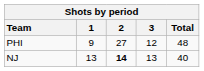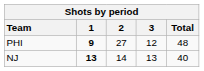 <table class="wikitable" style="width:20em; text-align:right;">
 <tr>
 <th colspan=6>Shots by period</th>
 </tr>
 <tr>
 <th style="width:8em; text-align:left;">Team</th>
 <th style="width:3em;">1</th>
 <th style="width:3em;">2</th>
 <th style="width:3em;">3</th>
 <th style="width:3em;">Total</th>
 </tr>
 <tr>
 <td style="text-align:left;">PHI</td>
-<td align=center>9</td>
+<td align=center><strong>9</strong></td>
 <td align=center>27</td>
 <td align=center>12</td>
 <td align=center>48</td>
 </tr>
 <tr>
 <td style="text-align:left;">NJ</td>
-<td align=center>13</td>
-<td align=center><strong>14</strong></td>
+<td align=center><strong>13</strong></td>
+<td align=center>14</td>
 <td align=center>13</td>
 <td align=center>40</td>
 </tr>
 </table>
